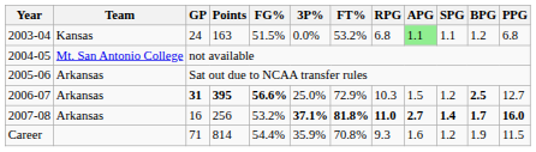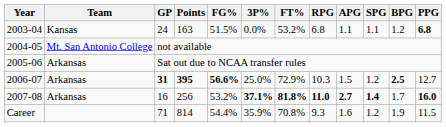 <table class="wikitable">
 <tr>
 <th>Year</th>
 <th>Team</th>
 <th>GP</th>
 <th>Points</th>
 <th>FG%</th>
 <th>3P%</th>
 <th>FT%</th>
 <th>RPG</th>
 <th>APG</th>
 <th>SPG</th>
 <th>BPG</th>
 <th>PPG</th>
 </tr>
 <tr>
 <td>2003-04</td>
 <td>Kansas</td>
 <td>24</td>
 <td>163</td>
 <td>51.5%</td>
 <td>0.0%</td>
 <td>53.2%</td>
 <td>6.8</td>
-<td style="background: lightgreen;">1.1</td>
+<td>1.1</td>
 <td>1.1</td>
 <td>1.2</td>
-<td>6.8</td>
+<td><strong>6.8</strong></td>
 </tr>
 <tr>
 <td>2004-05</td>
 <td><a href='#'>Mt. San Antonio College</a></td>
 <td colspan="10">not available</td>
 </tr>
 <tr>
 <td>2005-06</td>
 <td>Arkansas</td>
 <td colspan="10">Sat out due to NCAA transfer rules</td>
 </tr>
 <tr>
 <td>2006-07</td>
 <td>Arkansas</td>
 <td><strong>31</strong></td>
 <td><strong>395</strong></td>
 <td><strong>56.6%</strong></td>
 <td>25.0%</td>
 <td>72.9%</td>
 <td>10.3</td>
 <td>1.5</td>
 <td>1.2</td>
 <td><strong>2.5</strong></td>
 <td>12.7</td>
 </tr>
 <tr>
 <td>2007-08</td>
 <td>Arkansas</td>
 <td>16</td>
 <td>256</td>
 <td>53.2%</td>
 <td><strong>37.1%</strong></td>
 <td><strong>81.8%</strong></td>
 <td><strong>11.0</strong></td>
 <td><strong>2.7</strong></td>
 <td><strong>1.4</strong></td>
-<td><strong>1.7</strong></td>
+<td>1.7</td>
 <td><strong>16.0</strong></td>
 </tr>
 <tr>
 <td>Career</td>
 <td></td>
 <td>71</td>
 <td>814</td>
 <td>54.4%</td>
 <td>35.9%</td>
 <td>70.8%</td>
 <td>9.3</td>
 <td>1.6</td>
 <td>1.2</td>
 <td>1.9</td>
 <td>11.5</td>
 </tr>
 </table>
